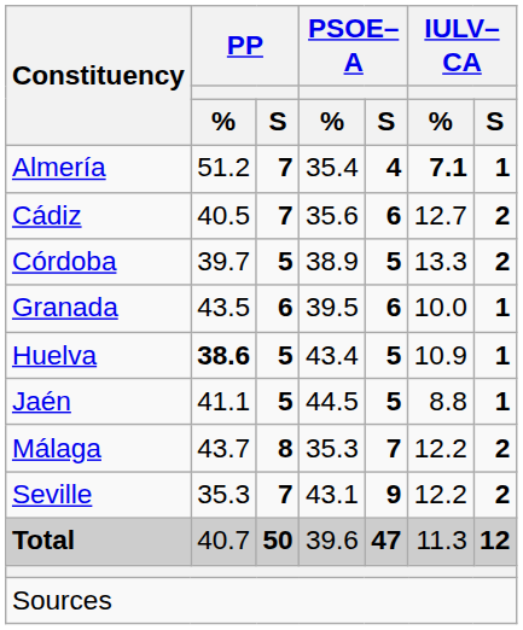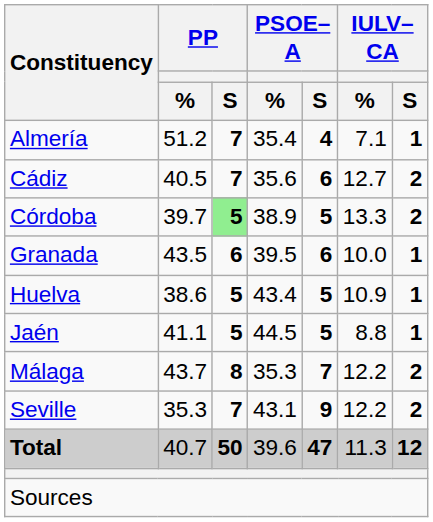 <table class="wikitable sortable" style="text-align:right; line-height:20px;">
 <tr>
 <th rowspan="3">Constituency</th>
 <th colspan="2" width="30px" class="unsortable"><a href='#'>PP</a></th>
 <th colspan="2" width="30px" class="unsortable"><a href='#'>PSOE–A</a></th>
 <th colspan="2" width="30px" class="unsortable"><a href='#'>IULV–CA</a></th>
 </tr>
 <tr>
 <th colspan="2" style="background:"></th>
 <th colspan="2" style="background:"></th>
 <th colspan="2" style="background:"></th>
 </tr>
 <tr>
 <th data-sort-type="number">%</th>
 <th data-sort-type="number">S</th>
 <th data-sort-type="number">%</th>
 <th data-sort-type="number">S</th>
 <th data-sort-type="number">%</th>
 <th data-sort-type="number">S</th>
 </tr>
 <tr>
 <td align="left"><a href='#'>Almería</a></td>
 <td style="background:">51.2</td>
 <td><strong>7</strong></td>
 <td>35.4</td>
 <td><strong>4</strong></td>
-<td><strong>7.1</strong></td>
+<td>7.1</td>
 <td><strong>1</strong></td>
 </tr>
 <tr>
 <td align="left"><a href='#'>Cádiz</a></td>
 <td style="background:">40.5</td>
 <td><strong>7</strong></td>
 <td>35.6</td>
 <td><strong>6</strong></td>
 <td>12.7</td>
 <td><strong>2</strong></td>
 </tr>
 <tr>
 <td align="left"><a href='#'>Córdoba</a></td>
 <td style="background:">39.7</td>
-<td><strong>5</strong></td>
+<td style="background: lightgreen;"><strong>5</strong></td>
 <td>38.9</td>
 <td><strong>5</strong></td>
 <td>13.3</td>
 <td><strong>2</strong></td>
 </tr>
 <tr>
 <td align="left"><a href='#'>Granada</a></td>
 <td style="background:">43.5</td>
 <td><strong>6</strong></td>
 <td>39.5</td>
 <td><strong>6</strong></td>
 <td>10.0</td>
 <td><strong>1</strong></td>
 </tr>
 <tr>
 <td align="left"><a href='#'>Huelva</a></td>
-<td><strong>38.6</strong></td>
+<td>38.6</td>
 <td><strong>5</strong></td>
 <td style="background:">43.4</td>
 <td><strong>5</strong></td>
 <td>10.9</td>
 <td><strong>1</strong></td>
 </tr>
 <tr>
 <td align="left"><a href='#'>Jaén</a></td>
 <td>41.1</td>
 <td><strong>5</strong></td>
 <td style="background:">44.5</td>
 <td><strong>5</strong></td>
 <td>8.8</td>
 <td><strong>1</strong></td>
 </tr>
 <tr>
 <td align="left"><a href='#'>Málaga</a></td>
 <td style="background:">43.7</td>
 <td><strong>8</strong></td>
 <td>35.3</td>
 <td><strong>7</strong></td>
 <td>12.2</td>
 <td><strong>2</strong></td>
 </tr>
 <tr>
 <td align="left"><a href='#'>Seville</a></td>
 <td>35.3</td>
 <td><strong>7</strong></td>
 <td style="background:">43.1</td>
 <td><strong>9</strong></td>
 <td>12.2</td>
 <td><strong>2</strong></td>
 </tr>
 <tr style="background:#CDCDCD;">
 <td align="left"><strong>Total</strong></td>
 <td style="background:">40.7</td>
 <td><strong>50</strong></td>
 <td>39.6</td>
 <td><strong>47</strong></td>
 <td>11.3</td>
 <td><strong>12</strong></td>
 </tr>
 <tr>
 <th colspan="7"></th>
 </tr>
 <tr>
 <th style="text-align:left; font-weight:normal; background:#F9F9F9" colspan="7">Sources</th>
 </tr>
 </table>
